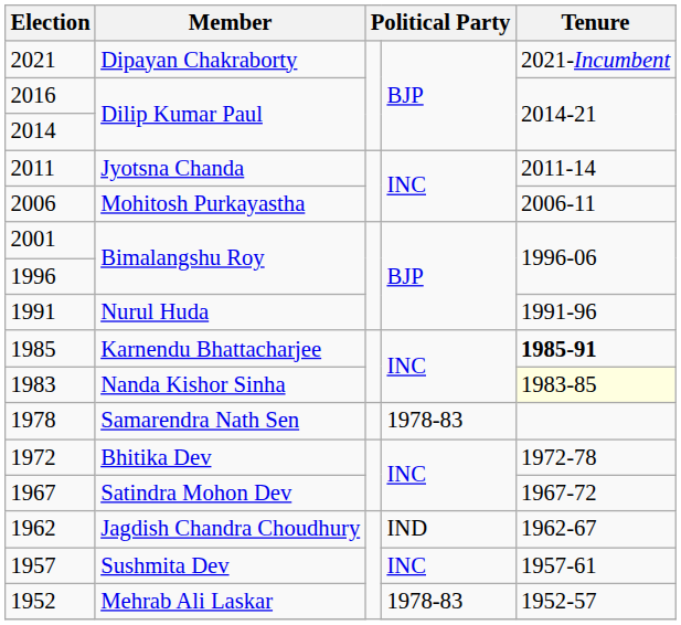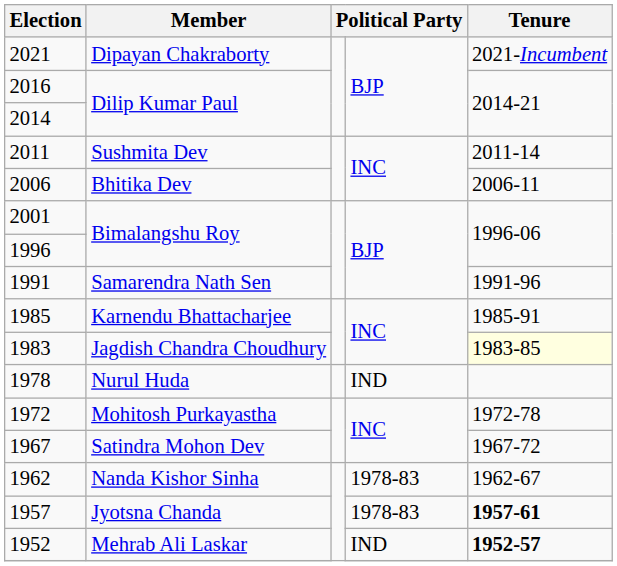 <table class="wikitable sortable">
 <tr>
 <th>Election</th>
 <th>Member</th>
 <th colspan="2">Political Party</th>
 <th>Tenure</th>
 </tr>
 <tr>
 <td>2021</td>
 <td><a href='#'>Dipayan Chakraborty</a></td>
 <td rowspan=3 style="background-color: "></td>
 <td rowspan=3><a href='#'>BJP</a></td>
 <td>2021-<em><a href='#'>Incumbent</a></em></td>
 </tr>
 <tr>
 <td>2016</td>
 <td rowspan=2><a href='#'>Dilip Kumar Paul</a></td>
 <td rowspan=2>2014-21</td>
 </tr>
 <tr>
 <td>2014</td>
 </tr>
 <tr>
 <td>2011</td>
-<td><a href='#'>Jyotsna Chanda</a></td>
+<td><a href='#'>Sushmita Dev</a></td>
 <td rowspan=2 style="background-color:"></td>
 <td rowspan=2><a href='#'>INC</a></td>
 <td>2011-14</td>
 </tr>
 <tr>
 <td>2006</td>
-<td><a href='#'>Mohitosh Purkayastha</a></td>
+<td><a href='#'>Bhitika Dev</a></td>
 <td>2006-11</td>
 </tr>
 <tr>
 <td>2001</td>
 <td rowspan=2><a href='#'>Bimalangshu Roy</a></td>
 <td rowspan=3 style="background-color: "></td>
 <td rowspan=3><a href='#'>BJP</a></td>
 <td rowspan=2>1996-06</td>
 </tr>
 <tr>
 <td>1996</td>
 </tr>
 <tr>
 <td>1991</td>
-<td><a href='#'>Nurul Huda</a></td>
+<td><a href='#'>Samarendra Nath Sen</a></td>
 <td>1991-96</td>
 </tr>
 <tr>
 <td>1985</td>
 <td><a href='#'>Karnendu Bhattacharjee</a></td>
 <td rowspan=2 style="background-color:"></td>
 <td rowspan=2><a href='#'>INC</a></td>
-<td><strong>1985-91</strong></td>
+<td>1985-91</td>
 </tr>
 <tr>
 <td>1983</td>
-<td><a href='#'>Nanda Kishor Sinha</a></td>
+<td><a href='#'>Jagdish Chandra Choudhury</a></td>
 <td style="background: lightyellow;">1983-85</td>
 </tr>
 <tr>
 <td>1978</td>
-<td><a href='#'>Samarendra Nath Sen</a></td>
+<td><a href='#'>Nurul Huda</a></td>
 <td></td>
-<td>1978-83</td>
+<td>IND</td>
 </tr>
 <tr>
 <td>1972</td>
-<td><a href='#'>Bhitika Dev</a></td>
+<td><a href='#'>Mohitosh Purkayastha</a></td>
 <td rowspan=2 style="background-color:"></td>
 <td rowspan=2><a href='#'>INC</a></td>
 <td>1972-78</td>
 </tr>
 <tr>
 <td>1967</td>
 <td><a href='#'>Satindra Mohon Dev</a></td>
 <td>1967-72</td>
 </tr>
 <tr>
 <td>1962</td>
-<td><a href='#'>Jagdish Chandra Choudhury</a></td>
+<td><a href='#'>Nanda Kishor Sinha</a></td>
 <td rowspan="4"></td>
-<td>IND</td>
+<td>1978-83</td>
 <td>1962-67</td>
 </tr>
 <tr>
 <td>1957</td>
-<td><a href='#'>Sushmita Dev</a></td>
-<td><a href='#'>INC</a></td>
-<td>1957-61</td>
+<td><a href='#'>Jyotsna Chanda</a></td>
+<td>1978-83</td>
+<td><strong>1957-61</strong></td>
 </tr>
 <tr>
 <td>1952</td>
 <td><a href='#'>Mehrab Ali Laskar</a></td>
-<td>1978-83</td>
-<td>1952-57</td>
+<td>IND</td>
+<td><strong>1952-57</strong></td>
 </tr>
 <tr>
 </tr>
 </table>
